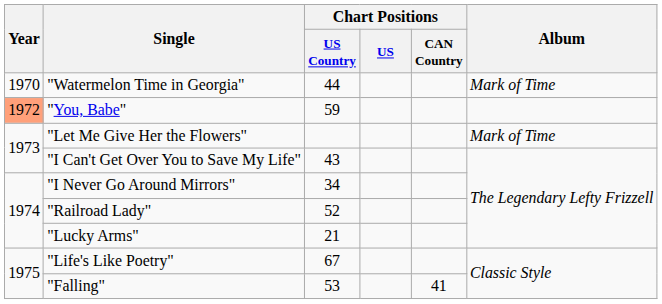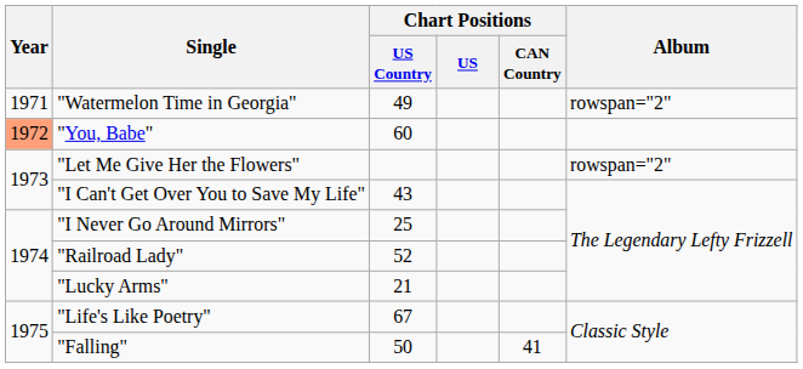 <table class="wikitable">
 <tr>
 <th rowspan="2">Year</th>
 <th rowspan="2">Single</th>
 <th colspan="3">Chart Positions</th>
 <th rowspan="2">Album</th>
 </tr>
 <tr>
 <th width="45"><small><a href='#'>US Country</a></small></th>
 <th width="45"><small><a href='#'>US</a></small></th>
 <th width="45"><small>CAN Country</small></th>
 </tr>
 <tr>
-<td>1970</td>
+<td>1971</td>
 <td>"Watermelon Time in Georgia"</td>
-<td align="center">44</td>
+<td align="center">49</td>
 <td></td>
 <td></td>
-<td><em>Mark of Time</em></td>
+<td>rowspan="2" </td>
 </tr>
 <tr>
 <td style="background: lightsalmon;">1972</td>
 <td>"<a href='#'>You, Babe</a>"</td>
-<td align="center">59</td>
+<td align="center">60</td>
 <td></td>
 <td></td>
 </tr>
 <tr>
 <td rowspan="2">1973</td>
 <td>"Let Me Give Her the Flowers"</td>
 <td></td>
 <td></td>
 <td></td>
-<td><em>Mark of Time</em></td>
+<td>rowspan="2" </td>
 </tr>
 <tr>
 <td>"I Can't Get Over You to Save My Life"</td>
 <td align="center">43</td>
 <td></td>
 <td></td>
 <td rowspan="4"><em>The Legendary Lefty Frizzell</em></td>
 </tr>
 <tr>
 <td rowspan="3">1974</td>
 <td>"I Never Go Around Mirrors"</td>
-<td align="center">34</td>
+<td align="center">25</td>
 <td></td>
 <td></td>
 </tr>
 <tr>
 <td>"Railroad Lady"</td>
 <td align="center">52</td>
 <td></td>
 <td></td>
 </tr>
 <tr>
 <td>"Lucky Arms"</td>
 <td align="center">21</td>
 <td></td>
 <td></td>
 </tr>
 <tr>
 <td rowspan="2">1975</td>
 <td>"Life's Like Poetry"</td>
 <td align="center">67</td>
 <td></td>
 <td></td>
 <td rowspan="2"><em>Classic Style</em></td>
 </tr>
 <tr>
 <td>"Falling"</td>
-<td align="center">53</td>
+<td align="center">50</td>
 <td></td>
 <td align="center">41</td>
 </tr>
 </table>
